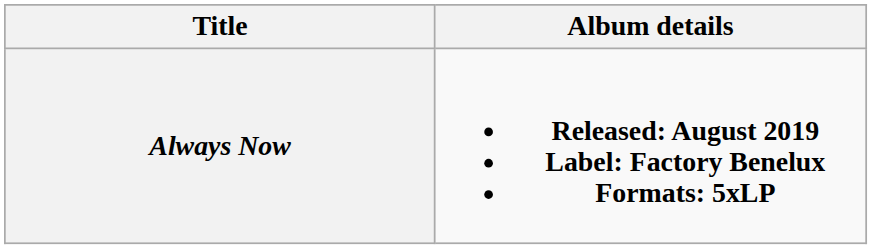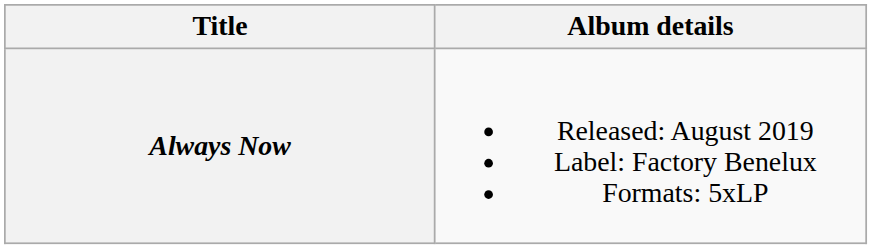 <table class="wikitable plainrowheaders" style="text-align:center;">
 <tr>
 <th scope="col" style="width:15em;">Title</th>
 <th scope="col" style="width:15em;">Album details</th>
 </tr>
 <tr>
 <th scope="row"><em>Always Now</em></th>
-<td><strong><br><ul><li>Released: August 2019</li><li>Label: Factory Benelux</li><li>Formats: 5xLP</li></ul></strong></td>
+<td><br><ul><li>Released: August 2019</li><li>Label: Factory Benelux</li><li>Formats: 5xLP</li></ul></td>
 </tr>
 </table>
